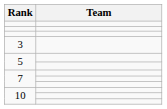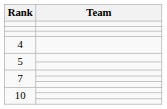 <table class="wikitable" style="text-align: center;">
 <tr>
 <th width=40>Rank</th>
 <th width=180>Team</th>
 </tr>
 <tr>
 <td></td>
 <td style="text-align:left;"></td>
 </tr>
 <tr>
 <td></td>
 <td style="text-align:left;"></td>
 </tr>
 <tr>
 <td></td>
 <td style="text-align:left;"></td>
 </tr>
 <tr>
-<td>3</td>
+<td>4</td>
 <td style="text-align:left;"></td>
 </tr>
 <tr>
 <td rowspan=2>5</td>
 <td style="text-align:left;"></td>
 </tr>
 <tr>
 <td style="text-align:left;"></td>
 </tr>
 <tr>
 <td rowspan=3>7</td>
 <td style="text-align:left;"></td>
 </tr>
 <tr>
 <td style="text-align:left;"></td>
 </tr>
 <tr>
 <td style="text-align:left;"></td>
 </tr>
 <tr>
 <td rowspan=3>10</td>
 <td style="text-align:left;"></td>
 </tr>
 <tr>
 <td style="text-align:left;"></td>
 </tr>
 <tr>
 <td style="text-align:left;"></td>
 </tr>
 </table>
